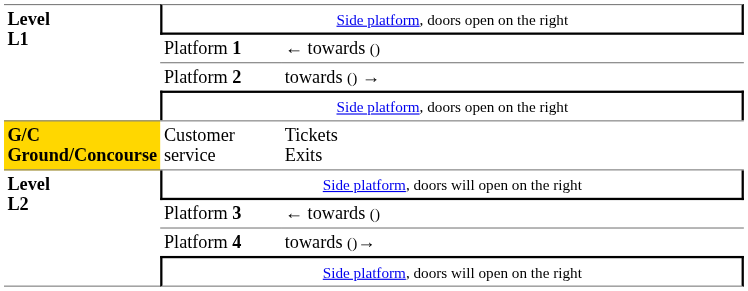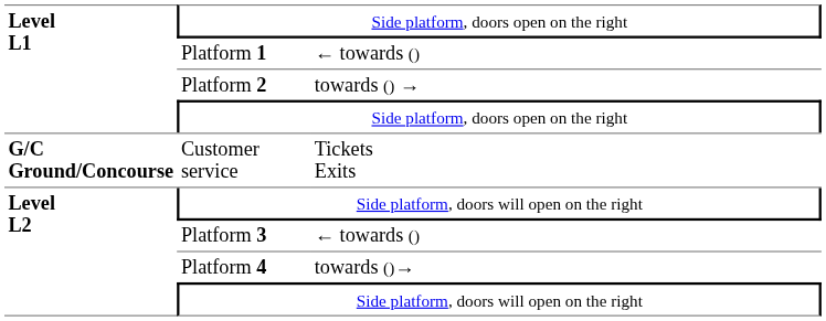 <table table border=0 cellspacing=0 cellpadding=3>
 <tr>
 <td style="border-top:solid 1px gray;" rowspan=4 width=50 valign=top><strong>Level<br>L1</strong></td>
 <td style="border-top:solid 1px gray;border-right:solid 2px black;border-left:solid 2px black;border-bottom:solid 2px black;text-align:center;" colspan=2><small><a href='#'>Side platform</a>, doors open on the right</small></td>
 </tr>
 <tr>
 <td>Platform <span><strong>1</strong></span></td>
 <td>←  towards  <small>()</small></td>
 </tr>
 <tr>
 <td style="border-top:solid 1px gray;">Platform <span><strong>2</strong></span></td>
 <td style="border-top:solid 1px gray;"> towards  <small>()</small> →</td>
 </tr>
 <tr>
 <td style="border-top:solid 2px black;border-right:solid 2px black;border-left:solid 2px black;text-align:center;" colspan=2><small><a href='#'>Side platform</a>, doors open on the right</small></td>
 </tr>
 <tr>
-<td style="background: gold; border-bottom:solid 1px gray;border-top:solid 1px gray;" width=50 valign=top><strong>G/C<br>Ground/Concourse</strong></td>
+<td style="border-bottom:solid 1px gray;border-top:solid 1px gray;" width=50 valign=top><strong>G/C<br>Ground/Concourse</strong></td>
 <td style="border-top:solid 1px gray;border-bottom:solid 1px gray;" width=100 valign=top>Customer service</td>
 <td style="border-top:solid 1px gray;border-bottom:solid 1px gray;" width=400 valign=top>Tickets<br>Exits</td>
 </tr>
 <tr>
 <td style="border-bottom:solid 0 gray;border-bottom:solid 1px gray;" rowspan=5 valign=top><strong>Level<br>L2</strong></td>
 <td style="border-right:solid 2px black;border-left:solid 2px black;border-bottom:solid 2px black;text-align:center;" colspan=2><small><a href='#'>Side platform</a>, doors will open on the right</small></td>
 </tr>
 <tr>
 <td style="border-bottom:solid 1px gray;">Platform <span><strong>3</strong></span></td>
 <td style="border-bottom:solid 1px gray;">←  towards  <small>()</small></td>
 </tr>
 <tr>
 <td>Platform <span><strong>4</strong></span></td>
 <td>  towards  <small>()</small>→</td>
 </tr>
 <tr>
 <td style="border-bottom:solid 1px gray;border-top:solid 2px black;border-right:solid 2px black;border-left:solid 2px black;text-align:center;" colspan=2><small><a href='#'>Side platform</a>, doors will open on the right</small></td>
 </tr>
 </table>
